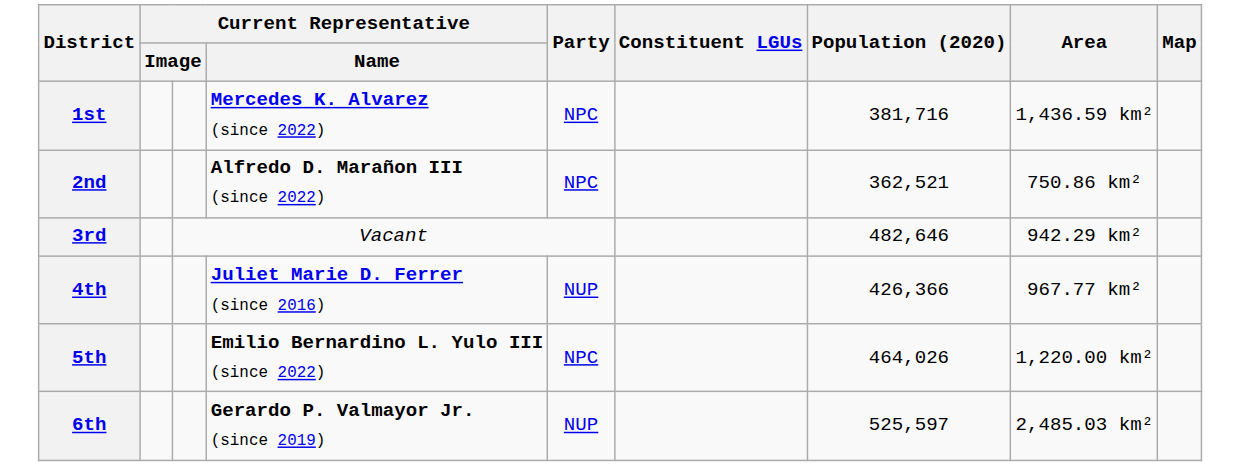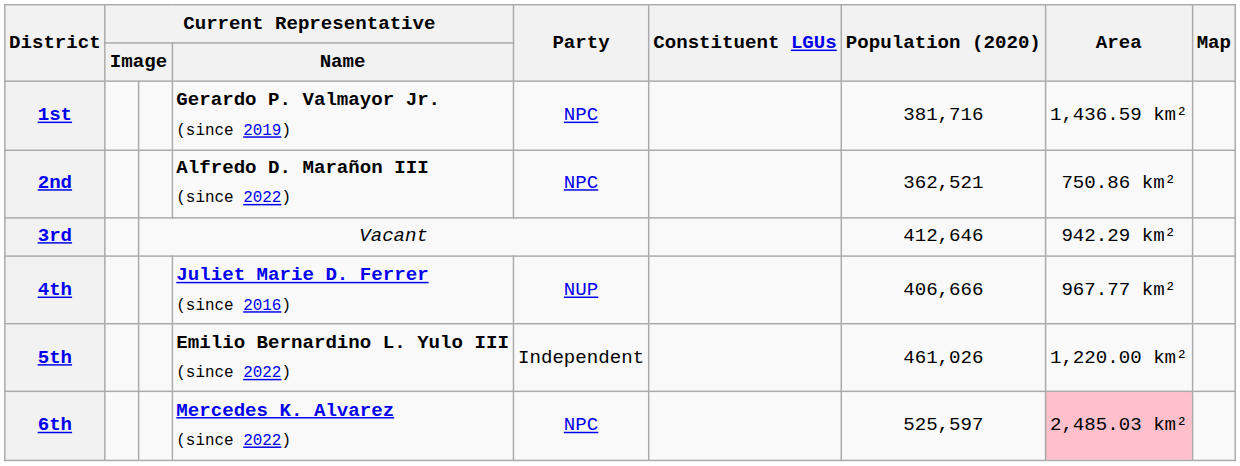 <table class="wikitable sortable" style="margin: 1em auto; font-size:100%; line-height:20px; text-align:center">
 <tr>
 <th rowspan="2">District</th>
 <th colspan="3">Current Representative</th>
 <th rowspan="2">Party</th>
 <th rowspan="2">Constituent <a href='#'>LGUs</a></th>
 <th rowspan="2">Population (2020)</th>
 <th rowspan="2">Area</th>
 <th rowspan="2">Map</th>
 </tr>
 <tr>
 <th colspan="2">Image</th>
 <th>Name</th>
 </tr>
 <tr>
 <th><a href='#'>1st</a></th>
 <td style="background:"></td>
 <td></td>
-<td style="text-align:left;"><strong><a href='#'>Mercedes K. Alvarez</a></strong><br><small>(since <a href='#'>2022</a>)</small></td>
+<td style="text-align:left;"><strong>Gerardo P. Valmayor Jr.</strong><br><small>(since <a href='#'>2019</a>)</small></td>
 <td><a href='#'>NPC</a></td>
 <td></td>
 <td>381,716</td>
 <td>1,436.59 km²</td>
 <td></td>
 </tr>
 <tr>
 <th><a href='#'>2nd</a></th>
 <td style="background:"></td>
 <td></td>
 <td style="text-align:left;"><strong>Alfredo D. Marañon III</strong><br><small>(since <a href='#'>2022</a>)</small></td>
 <td><a href='#'>NPC</a></td>
 <td></td>
 <td>362,521</td>
 <td>750.86 km²</td>
 <td></td>
 </tr>
 <tr>
 <th><a href='#'>3rd</a></th>
 <td></td>
 <td colspan=3><em>Vacant</em></td>
 <td></td>
-<td>482,646</td>
+<td>412,646</td>
 <td>942.29 km²</td>
 <td></td>
 </tr>
 <tr>
 <th><a href='#'>4th</a></th>
 <td style="background:"></td>
 <td></td>
 <td style="text-align:left;"><strong><a href='#'>Juliet Marie D. Ferrer</a></strong><br><small>(since <a href='#'>2016</a>)</small></td>
 <td><a href='#'>NUP</a></td>
 <td></td>
-<td>426,366</td>
+<td>406,666</td>
 <td>967.77 km²</td>
 <td></td>
 </tr>
 <tr>
 <th><a href='#'>5th</a></th>
 <td style="background:"></td>
 <td></td>
 <td style="text-align:left;"><strong>Emilio Bernardino L. Yulo III</strong><br><small>(since <a href='#'>2022</a>)</small></td>
-<td><a href='#'>NPC</a></td>
+<td>Independent</td>
 <td></td>
-<td>464,026</td>
+<td>461,026</td>
 <td>1,220.00 km²</td>
 <td></td>
 </tr>
 <tr>
 <th><a href='#'>6th</a></th>
 <td style="background:"></td>
 <td></td>
-<td style="text-align:left;"><strong>Gerardo P. Valmayor Jr.</strong><br><small>(since <a href='#'>2019</a>)</small></td>
-<td><a href='#'>NUP</a></td>
+<td style="text-align:left;"><strong><a href='#'>Mercedes K. Alvarez</a></strong><br><small>(since <a href='#'>2022</a>)</small></td>
+<td><a href='#'>NPC</a></td>
 <td></td>
 <td>525,597</td>
-<td>2,485.03 km²</td>
+<td style="background: pink;">2,485.03 km²</td>
 <td></td>
 </tr>
 </table>
